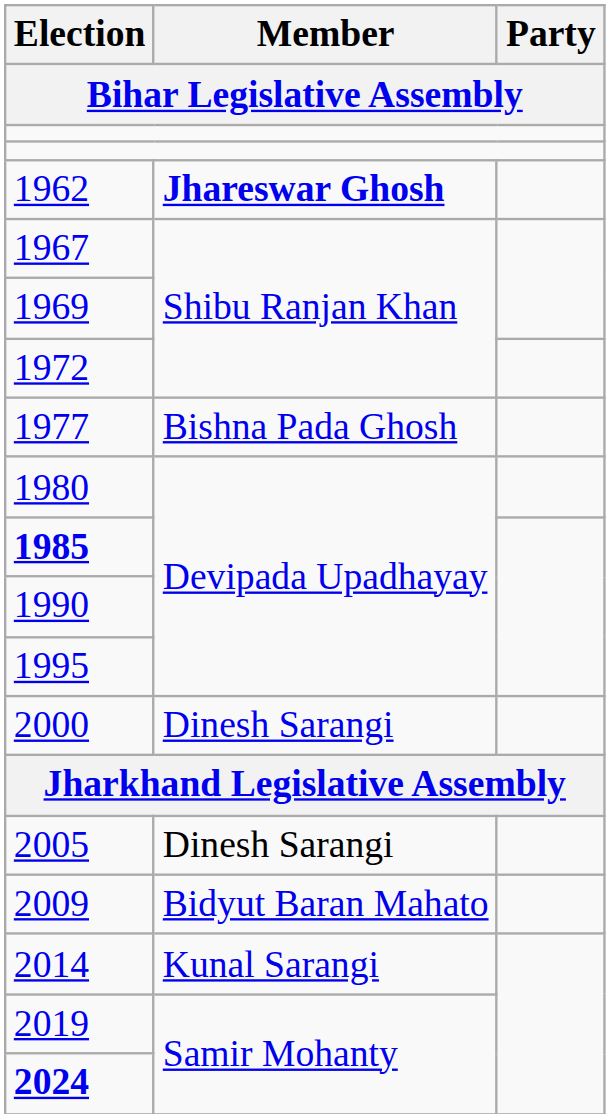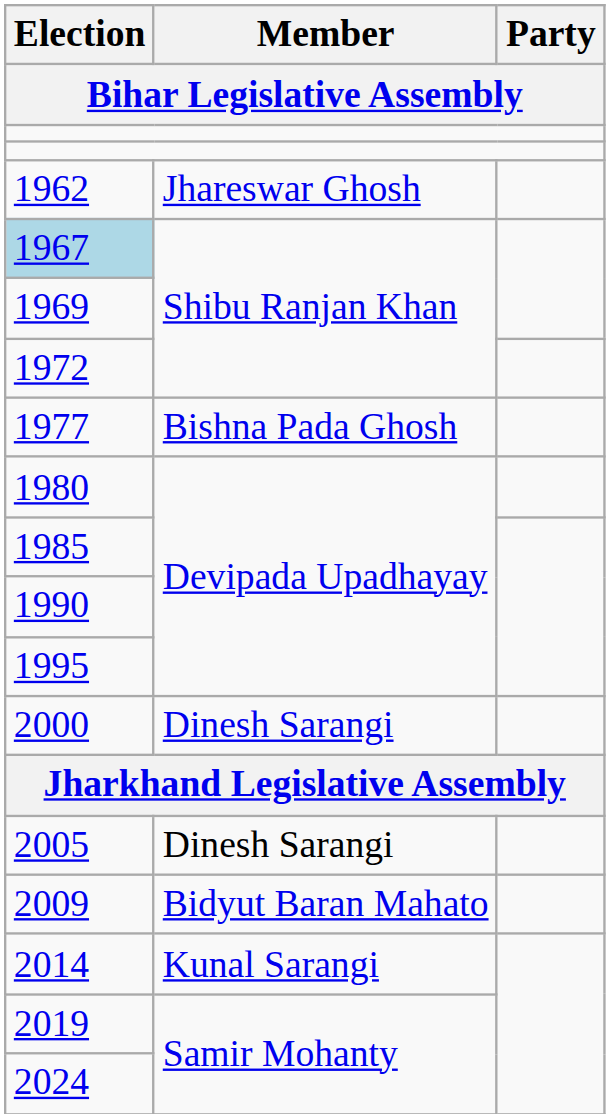 <table class="wikitable sortable">
 <tr>
 <th>Election</th>
 <th>Member</th>
 <th colspan=2>Party</th>
 </tr>
 <tr>
 <th colspan=4><a href='#'>Bihar Legislative Assembly</a></th>
 </tr>
 <tr>
 <td colspan="4"></td>
 </tr>
 <tr>
 <td colspan="4"></td>
 </tr>
 <tr>
 <td><a href='#'>1962</a></td>
-<td><strong><a href='#'>Jhareswar Ghosh</a></strong></td>
+<td><a href='#'>Jhareswar Ghosh</a></td>
 <td></td>
 </tr>
 <tr>
-<td><a href='#'>1967</a></td>
+<td style="background: lightblue;"><a href='#'>1967</a></td>
 <td rowspan="3"><a href='#'>Shibu Ranjan Khan</a></td>
 </tr>
 <tr>
 <td><a href='#'>1969</a></td>
 </tr>
 <tr>
 <td><a href='#'>1972</a></td>
 <td></td>
 </tr>
 <tr>
 <td><a href='#'>1977</a></td>
 <td><a href='#'>Bishna Pada Ghosh</a></td>
 </tr>
 <tr>
 <td><a href='#'>1980</a></td>
 <td rowspan="4"><a href='#'>Devipada Upadhayay</a></td>
 <td></td>
 </tr>
 <tr>
-<td><strong><a href='#'>1985</a></strong></td>
+<td><a href='#'>1985</a></td>
 </tr>
 <tr>
 <td><a href='#'>1990</a></td>
 </tr>
 <tr>
 <td><a href='#'>1995</a></td>
 </tr>
 <tr>
 <td><a href='#'>2000</a></td>
 <td><a href='#'>Dinesh Sarangi</a></td>
 <td></td>
 </tr>
 <tr>
 <th colspan=4><a href='#'>Jharkhand Legislative Assembly</a></th>
 </tr>
 <tr>
 <td><a href='#'>2005</a></td>
 <td>Dinesh Sarangi</td>
 <td></td>
 </tr>
 <tr>
 <td><a href='#'>2009</a></td>
 <td><a href='#'>Bidyut Baran Mahato</a></td>
 <td></td>
 </tr>
 <tr>
 <td><a href='#'>2014</a></td>
 <td><a href='#'>Kunal Sarangi</a></td>
 </tr>
 <tr>
 <td><a href='#'>2019</a></td>
 <td rowspan=2><a href='#'>Samir Mohanty</a></td>
 </tr>
 <tr>
-<td><strong><a href='#'>2024</a></strong></td>
+<td><a href='#'>2024</a></td>
 </tr>
 </table>
